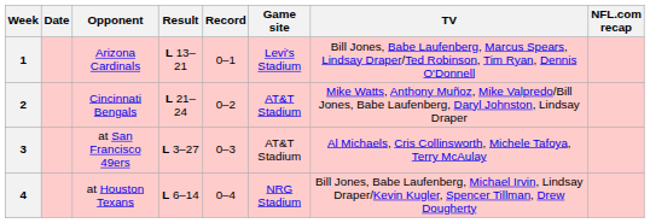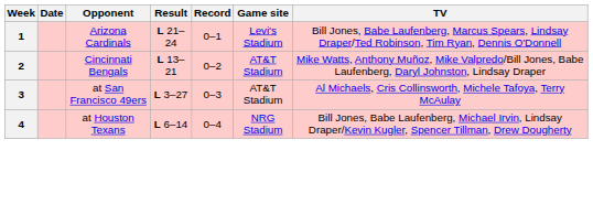 <table class="wikitable" style="text-align:center">
 <tr>
 <th>Week</th>
 <th>Date</th>
 <th>Opponent</th>
 <th>Result</th>
 <th>Record</th>
 <th>Game site</th>
 <th>TV</th>
-<th>NFL.com<br>recap</th>
 </tr>
 <tr style="background:#fcc">
 <th>1</th>
 <td></td>
 <td><a href='#'>Arizona Cardinals</a></td>
-<td><strong>L</strong> 13–21</td>
+<td><strong>L</strong> 21–24</td>
 <td>0–1</td>
 <td><a href='#'>Levi's Stadium</a></td>
 <td>Bill Jones, <a href='#'>Babe Laufenberg</a>, <a href='#'>Marcus Spears</a>, <a href='#'>Lindsay Draper</a>/<a href='#'>Ted Robinson</a>, <a href='#'>Tim Ryan</a>, <a href='#'>Dennis O'Donnell</a></td>
-<td></td>
 </tr>
 <tr style="background:#fcc">
 <th>2</th>
 <td></td>
 <td><a href='#'>Cincinnati Bengals</a></td>
-<td><strong>L</strong> 21–24</td>
+<td><strong>L</strong> 13–21</td>
 <td>0–2</td>
 <td><a href='#'>AT&T Stadium</a></td>
 <td><a href='#'>Mike Watts</a>, <a href='#'>Anthony Muñoz</a>, <a href='#'>Mike Valpredo</a>/Bill Jones, Babe Laufenberg, <a href='#'>Daryl Johnston</a>, Lindsay Draper</td>
-<td></td>
 </tr>
 <tr style="background:#fcc">
 <th>3</th>
 <td></td>
 <td>at <a href='#'>San Francisco 49ers</a></td>
 <td><strong>L</strong> 3–27</td>
 <td>0–3</td>
 <td>AT&T Stadium</td>
 <td><a href='#'>Al Michaels</a>, <a href='#'>Cris Collinsworth</a>, <a href='#'>Michele Tafoya</a>, <a href='#'>Terry McAulay</a></td>
-<td></td>
 </tr>
 <tr style="background:#fcc">
 <th>4</th>
 <td></td>
 <td>at <a href='#'>Houston Texans</a></td>
 <td><strong>L</strong> 6–14</td>
 <td>0–4</td>
 <td><a href='#'>NRG Stadium</a></td>
 <td>Bill Jones, Babe Laufenberg, <a href='#'>Michael Irvin</a>, Lindsay Draper/<a href='#'>Kevin Kugler</a>, <a href='#'>Spencer Tillman</a>, <a href='#'>Drew Dougherty</a></td>
-<td></td>
 </tr>
 </table>
